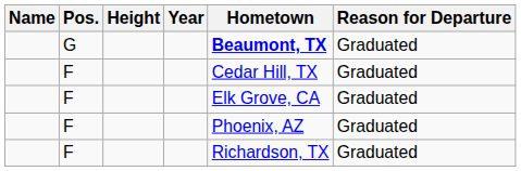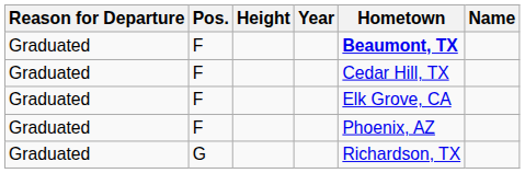 <table class="wikitable sortable" style="font-size:100%;" border="1">
 <tr>
-<th>Name</th>
+<th ! class="unsortable">Reason for Departure</th>
 <th>Pos.</th>
 <th>Height</th>
 <th>Year</th>
 <th>Hometown</th>
-<th ! class="unsortable">Reason for Departure</th>
+<th>Name</th>
 </tr>
 <tr>
-<td></td>
-<td>G</td>
+<td>Graduated</td>
+<td>F</td>
 <td></td>
 <td></td>
 <td><strong><a href='#'>Beaumont, TX</a></strong></td>
-<td>Graduated</td>
+<td></td>
 </tr>
 <tr>
-<td></td>
+<td>Graduated</td>
 <td>F</td>
 <td></td>
 <td></td>
 <td><a href='#'>Cedar Hill, TX</a></td>
-<td>Graduated</td>
+<td></td>
 </tr>
 <tr>
-<td></td>
+<td>Graduated</td>
 <td>F</td>
 <td></td>
 <td></td>
 <td><a href='#'>Elk Grove, CA</a></td>
-<td>Graduated</td>
+<td></td>
 </tr>
 <tr>
-<td></td>
+<td>Graduated</td>
 <td>F</td>
 <td></td>
 <td></td>
 <td><a href='#'>Phoenix, AZ</a></td>
-<td>Graduated</td>
+<td></td>
 </tr>
 <tr>
-<td></td>
-<td>F</td>
+<td>Graduated</td>
+<td>G</td>
 <td></td>
 <td></td>
 <td><a href='#'>Richardson, TX</a></td>
-<td>Graduated</td>
+<td></td>
 </tr>
 </table>
